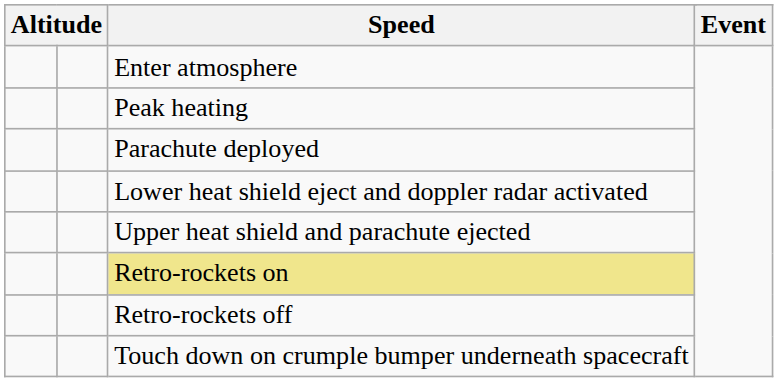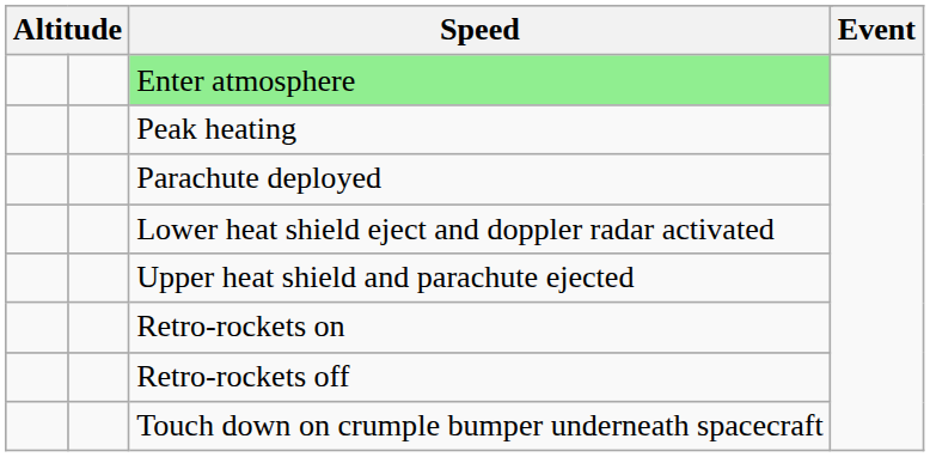 <table class="wikitable">
 <tr>
 <th colspan="2">Altitude</th>
 <th colspan="2">Speed</th>
 <th>Event</th>
 </tr>
 <tr>
 <td></td>
 <td></td>
-<td>Enter atmosphere</td>
+<td style="background: lightgreen;">Enter atmosphere</td>
 </tr>
 <tr>
 <td></td>
 <td></td>
 <td>Peak heating</td>
 </tr>
 <tr>
 <td></td>
 <td></td>
 <td>Parachute deployed</td>
 </tr>
 <tr>
 <td></td>
 <td></td>
 <td>Lower heat shield eject and doppler radar activated</td>
 </tr>
 <tr>
 <td></td>
 <td></td>
 <td>Upper heat shield and parachute ejected</td>
 </tr>
 <tr>
 <td></td>
 <td></td>
-<td style="background: khaki;">Retro-rockets on</td>
+<td>Retro-rockets on</td>
 </tr>
 <tr>
 <td></td>
 <td></td>
 <td>Retro-rockets off</td>
 </tr>
 <tr>
 <td></td>
 <td></td>
 <td>Touch down on crumple bumper underneath spacecraft</td>
 </tr>
 </table>
